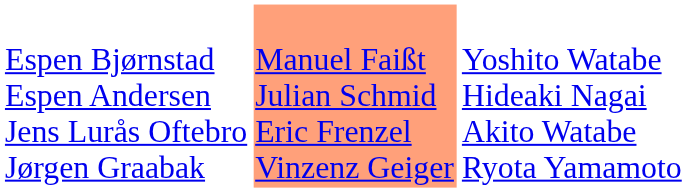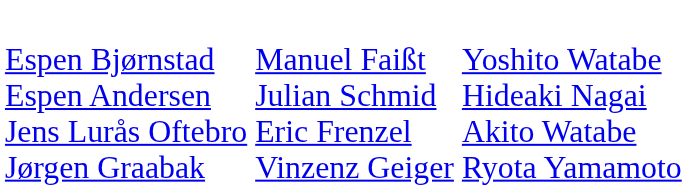 <table>
 <tr valign="top">
 <td><br></td>
 <td></td>
 <td></td>
 <td></td>
 </tr>
 <tr valign="top">
 <td><br></td>
 <td></td>
 <td></td>
 <td></td>
 </tr>
 <tr valign="top">
 <td><br></td>
 <td><br><a href='#'>Espen Bjørnstad</a><br><a href='#'>Espen Andersen</a><br><a href='#'>Jens Lurås Oftebro</a><br><a href='#'>Jørgen Graabak</a></td>
-<td style="background: lightsalmon;"><br><a href='#'>Manuel Faißt</a><br><a href='#'>Julian Schmid</a><br><a href='#'>Eric Frenzel</a><br><a href='#'>Vinzenz Geiger</a></td>
+<td><br><a href='#'>Manuel Faißt</a><br><a href='#'>Julian Schmid</a><br><a href='#'>Eric Frenzel</a><br><a href='#'>Vinzenz Geiger</a></td>
 <td><br><a href='#'>Yoshito Watabe</a><br><a href='#'>Hideaki Nagai</a><br><a href='#'>Akito Watabe</a><br><a href='#'>Ryota Yamamoto</a></td>
 </tr>
 </table>
